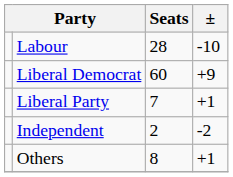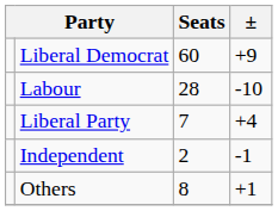 <table class="wikitable">
 <tr>
 <th colspan="2">Party</th>
 <th>Seats</th>
 <th>  ±  </th>
+</tr>
+<tr>
+<td style="background-color: "></td>
+<td><a href='#'>Liberal Democrat</a></td>
+<td>60</td>
+<td>+9</td>
 </tr>
 <tr>
 <td style="background-color: "></td>
 <td><a href='#'>Labour</a></td>
 <td>28</td>
 <td>-10</td>
 </tr>
 <tr>
 <td style="background-color: "></td>
-<td><a href='#'>Liberal Democrat</a></td>
-<td>60</td>
-<td>+9</td>
-</tr>
-<tr>
-<td style="background-color: "></td>
 <td><a href='#'>Liberal Party</a></td>
 <td>7</td>
-<td>+1</td>
+<td>+4</td>
 </tr>
 <tr>
 <td style="background-color: "></td>
 <td><a href='#'>Independent</a></td>
 <td>2</td>
-<td>-2</td>
+<td>-1</td>
 </tr>
 <tr>
 <td style="background-color: "></td>
 <td>Others</td>
 <td>8</td>
 <td>+1</td>
 </tr>
 <tr>
 </tr>
 </table>
